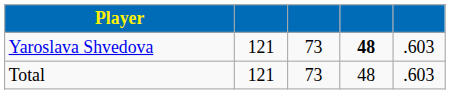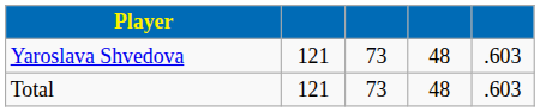 <table class="wikitable" style="text-align:center">
 <tr>
 <th style="background:#006bb6; color:#fff200" width="200px">Player</th>
 <th style="background:#006bb6; color:#fff200" width="40px"></th>
 <th style="background:#006bb6; color:#fff200" width="40px"></th>
 <th style="background:#006bb6; color:#fff200" width="40px"></th>
 <th style="background:#006bb6; color:#fff200" width="40px"></th>
 </tr>
 <tr>
 <td style="text-align:left"><a href='#'>Yaroslava Shvedova</a></td>
 <td>121</td>
 <td>73</td>
-<td><strong>48</strong></td>
+<td>48</td>
 <td>.603</td>
 </tr>
 <tr>
 <td style="text-align:left">Total</td>
 <td>121</td>
 <td>73</td>
 <td>48</td>
 <td>.603</td>
 </tr>
 </table>
